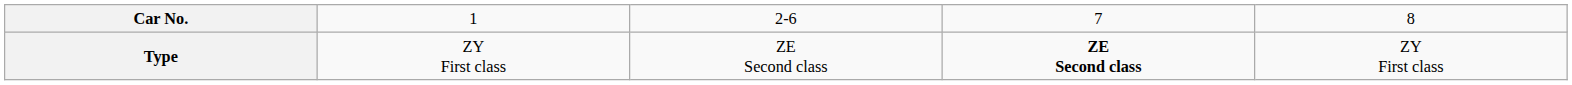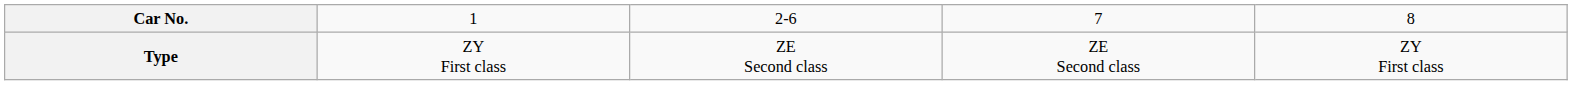 <table class="wikitable" style="text-align: center; font-size: small;">
 <tr>
 <th>Car No.</th>
 <td>1</td>
 <td>2-6</td>
 <td>7</td>
 <td>8</td>
 </tr>
 <tr>
 <th style="width: 5%;">Type</th>
 <td style="width: 5%;">ZY<br>First class</td>
 <td style="width: 5%;">ZE<br>Second class</td>
-<td style="width: 5%;"><strong>ZE<br>Second class </strong></td>
+<td style="width: 5%;">ZE<br>Second class </td>
 <td style="width: 5%;">ZY<br>First class</td>
 </tr>
 </table>
